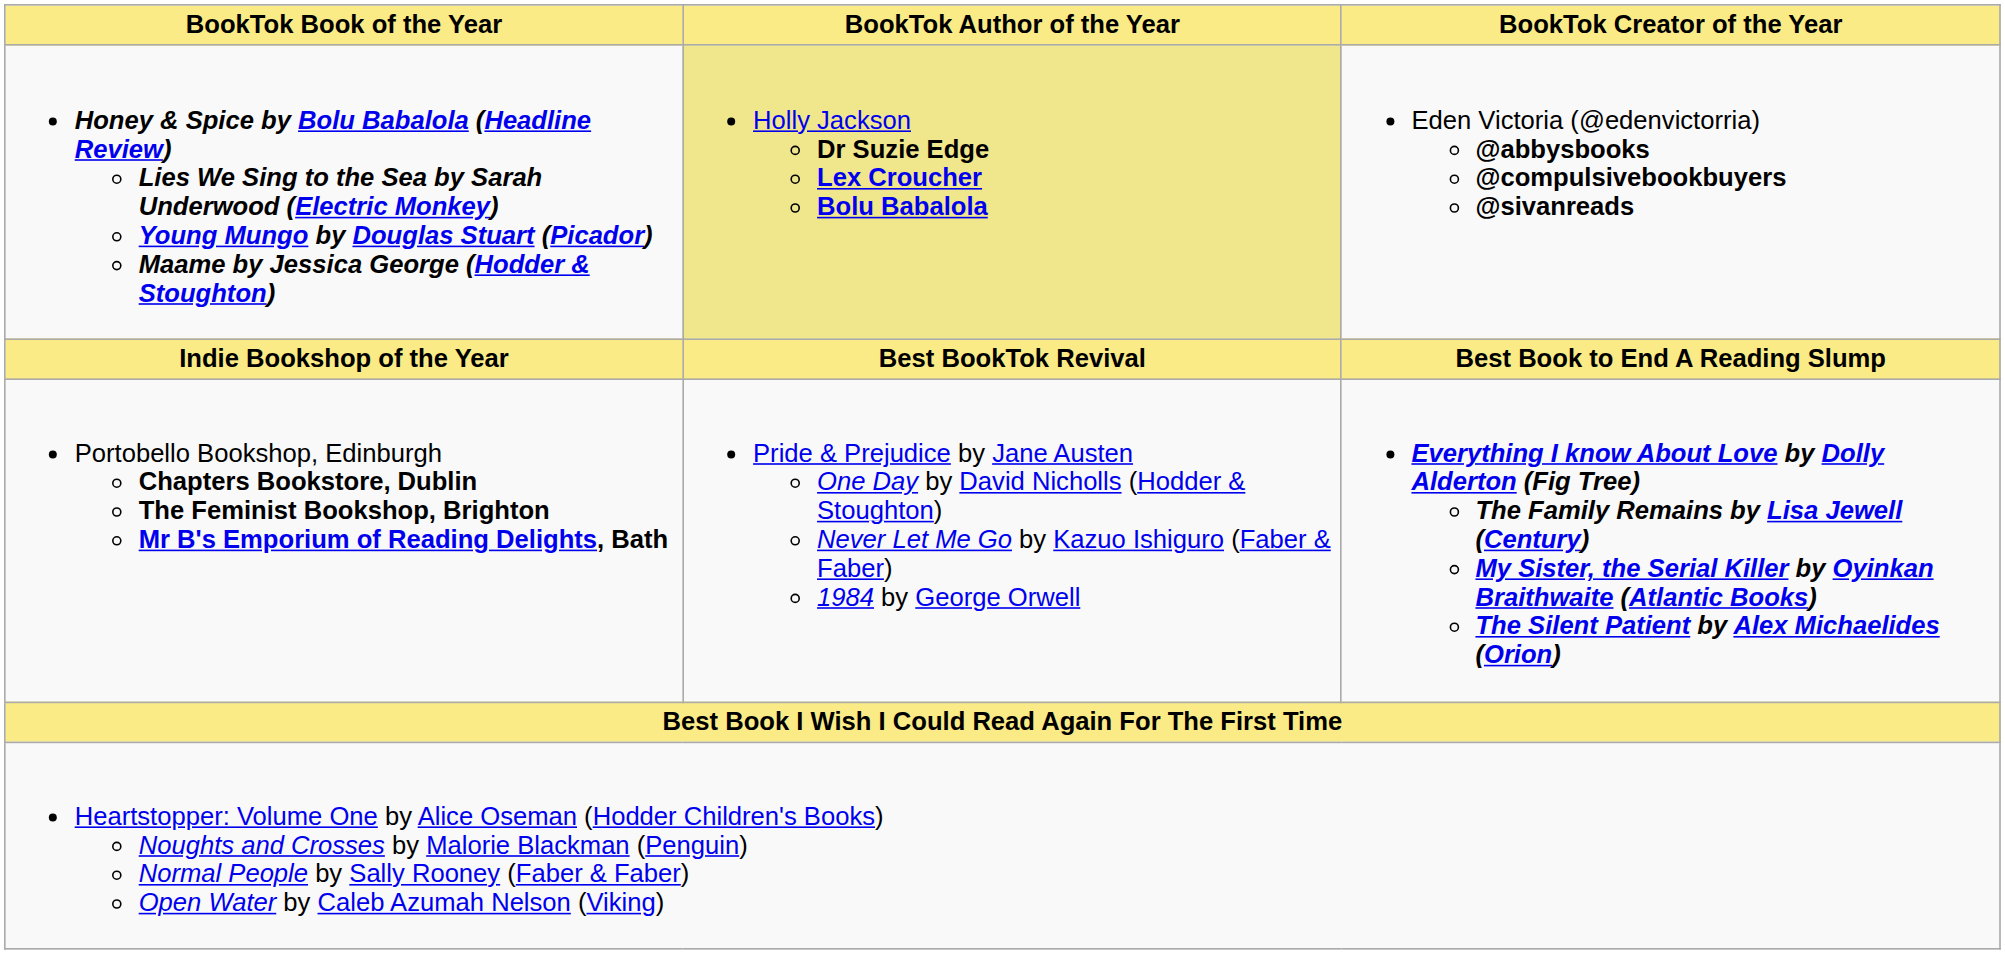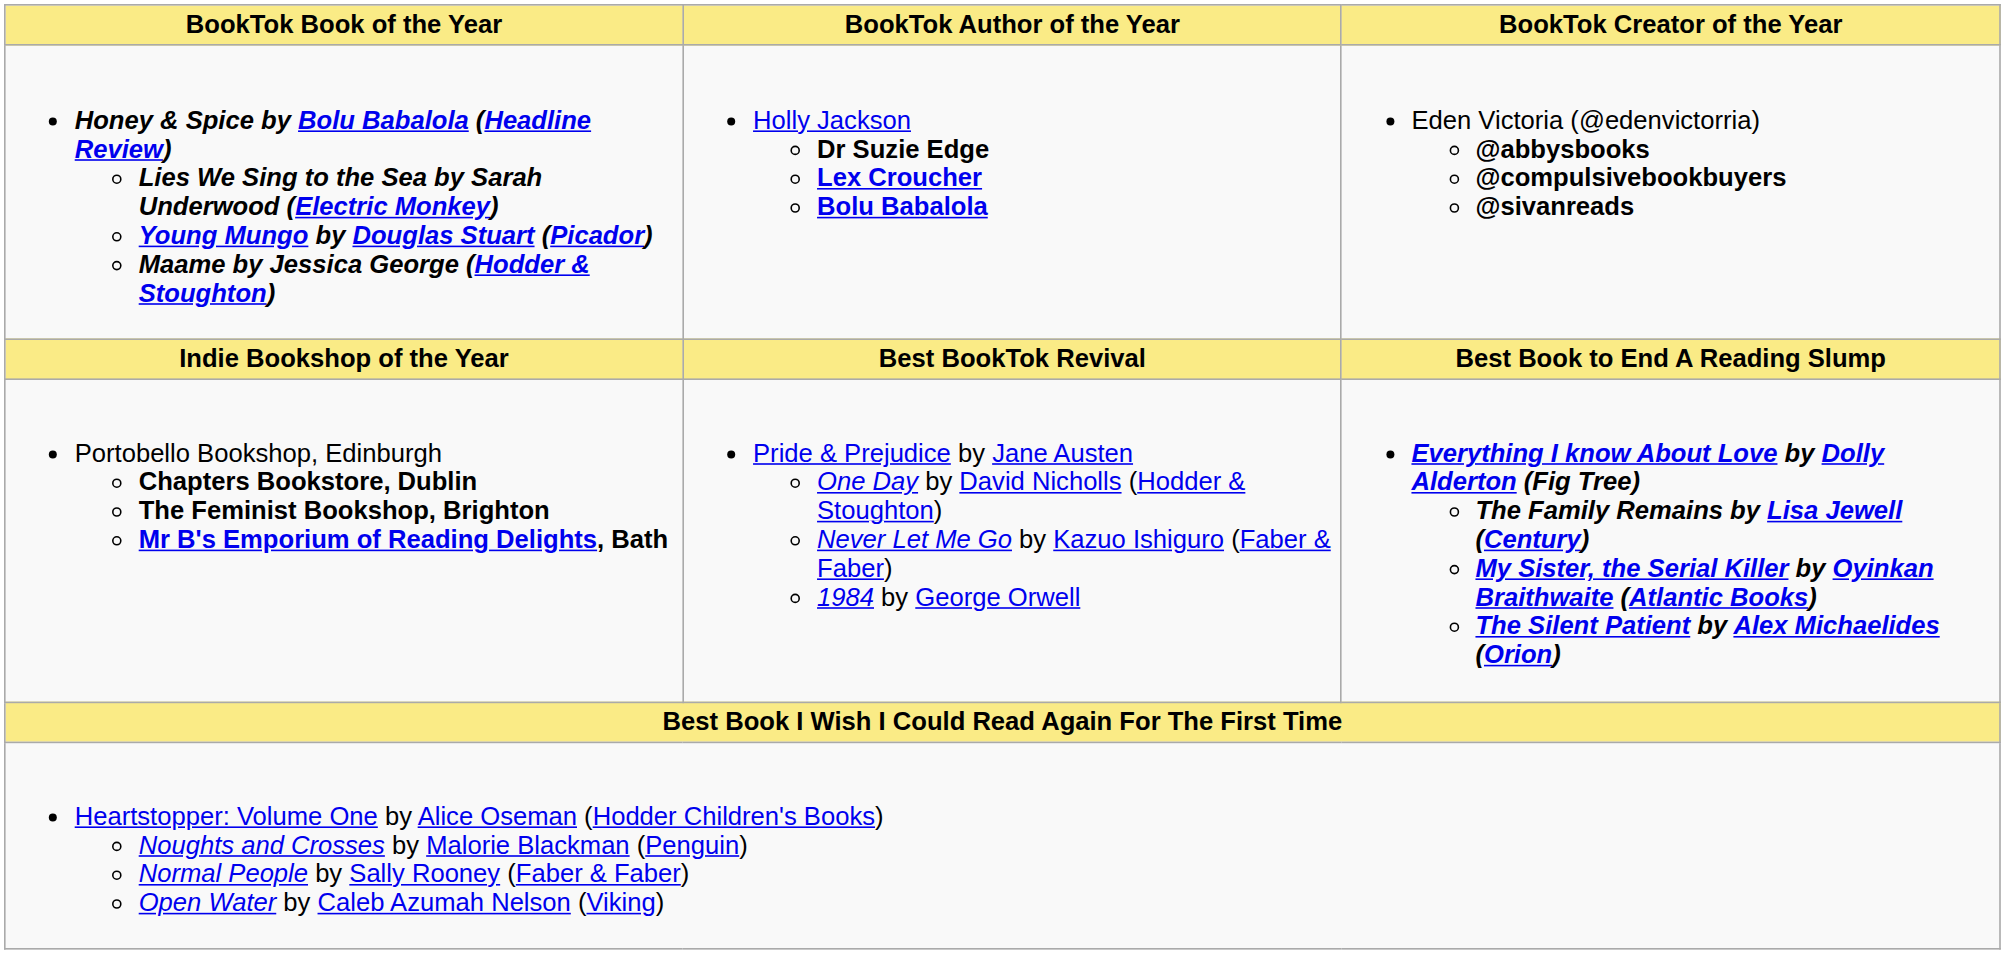 <table class="wikitable" style="font-size:100%">
 <tr>
 <th style="background:#FAEB86;" width="34%">BookTok Book of the Year</th>
 <th style="background:#FAEB86;" width="33%">BookTok Author of the Year</th>
 <th style="background:#FAEB86;" width="33%">BookTok Creator of the Year</th>
 </tr>
 <tr>
 <td valign="top"><br><ul><li><strong><em>Honey & Spice<em> by <a href='#'>Bolu Babalola</a> (<a href='#'>Headline Review</a>)<strong><ul><li></em>Lies We Sing to the Sea<em> by Sarah Underwood (<a href='#'>Electric Monkey</a>)</li><li></em><a href='#'>Young Mungo</a><em> by <a href='#'>Douglas Stuart</a> (<a href='#'>Picador</a>)</li><li></em>Maame<em> by Jessica George (<a href='#'>Hodder & Stoughton</a>)</li></ul></li></ul></td>
-<td valign="top" style="background: khaki;"><br><ul><li></strong><a href='#'>Holly Jackson</a><strong><ul><li>Dr Suzie Edge</li><li><a href='#'>Lex Croucher</a></li><li><a href='#'>Bolu Babalola</a></li></ul></li></ul></td>
+<td valign="top"><br><ul><li></strong><a href='#'>Holly Jackson</a><strong><ul><li>Dr Suzie Edge</li><li><a href='#'>Lex Croucher</a></li><li><a href='#'>Bolu Babalola</a></li></ul></li></ul></td>
 <td valign="top"><br><ul><li></strong>Eden Victoria (@edenvictorria)<strong><ul><li>@abbysbooks</li><li>@compulsivebookbuyers</li><li>@sivanreads</li></ul></li></ul></td>
 </tr>
 <tr>
 <th style="background:#FAEB86;" width="34%">Indie Bookshop of the Year</th>
 <th style="background:#FAEB86;" width="33%">Best BookTok Revival</th>
 <th style="background:#FAEB86;" width="33%">Best Book to End A Reading Slump</th>
 </tr>
 <tr>
 <td valign="top"><br><ul><li></strong>Portobello Bookshop, Edinburgh<strong><ul><li>Chapters Bookstore, Dublin</li><li>The Feminist Bookshop, Brighton</li><li><a href='#'>Mr B's Emporium of Reading Delights</a>, Bath</li></ul></li></ul></td>
 <td valign="top"><br><ul><li></em></strong><a href='#'>Pride & Prejudice</a></em> by <a href='#'>Jane Austen</a></strong><ul><li><em><a href='#'>One Day</a></em> by <a href='#'>David Nicholls</a> (<a href='#'>Hodder & Stoughton</a>)</li><li><em><a href='#'>Never Let Me Go</a></em> by <a href='#'>Kazuo Ishiguro</a>  (<a href='#'>Faber & Faber</a>)</li><li><em><a href='#'>1984</a></em> by <a href='#'>George Orwell</a></li></ul></li></ul></td>
 <td valign="top"><br><ul><li><strong><em><a href='#'>Everything I know About Love</a><em> by <a href='#'>Dolly Alderton</a> (Fig Tree)<strong><ul><li></em>The Family Remains<em> by <a href='#'>Lisa Jewell</a> (<a href='#'>Century</a>)</li><li></em><a href='#'>My Sister, the Serial Killer</a><em> by <a href='#'>Oyinkan Braithwaite</a> (<a href='#'>Atlantic Books</a>)</li><li></em><a href='#'>The Silent Patient</a><em> by <a href='#'>Alex Michaelides</a> (<a href='#'>Orion</a>)</li></ul></li></ul></td>
 </tr>
 <tr>
 <th colspan="3" style="background:#FAEB86;" width="34%"></em>Best Book I Wish I Could Read Again For The First Time<em></th>
 </tr>
 <tr>
 <td colspan="3" valign="top"><br><ul><li></em></strong><a href='#'>Heartstopper: Volume One</a></em> by <a href='#'>Alice Oseman</a> (<a href='#'>Hodder Children's Books</a>)</strong><ul><li><em><a href='#'>Noughts and Crosses</a></em> by <a href='#'>Malorie Blackman</a> (<a href='#'>Penguin</a>)</li><li><em><a href='#'>Normal People</a></em> by <a href='#'>Sally Rooney</a> (<a href='#'>Faber & Faber</a>)</li><li><em><a href='#'>Open Water</a></em> by <a href='#'>Caleb Azumah Nelson</a> (<a href='#'>Viking</a>)</li></ul></li></ul></td>
 </tr>
 </table>
